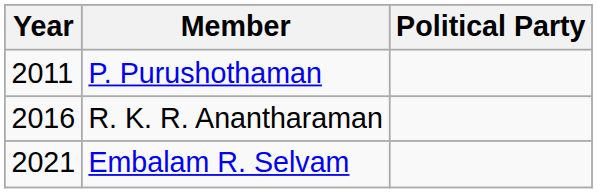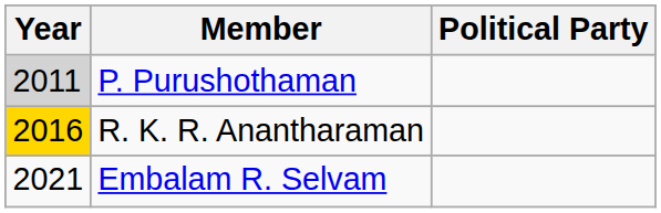 <table class="wikitable sortable">
 <tr>
 <th>Year</th>
 <th>Member</th>
 <th colspan="2">Political Party</th>
 </tr>
 <tr>
-<td>2011</td>
+<td style="background: lightgrey;">2011</td>
 <td><a href='#'>P. Purushothaman</a></td>
 <td></td>
 </tr>
 <tr>
-<td>2016</td>
+<td style="background: gold;">2016</td>
 <td>R. K. R. Anantharaman</td>
 <td></td>
 </tr>
 <tr>
 <td>2021</td>
 <td><a href='#'>Embalam R. Selvam</a></td>
 <td></td>
 </tr>
 </table>
